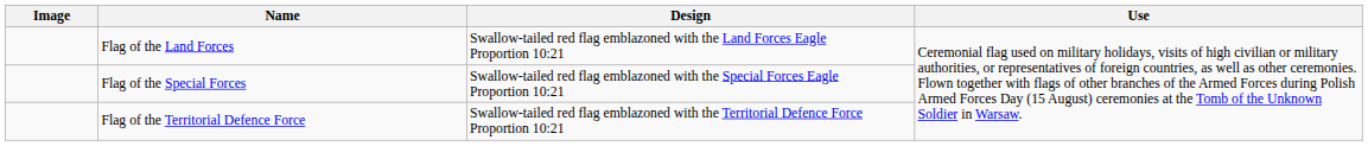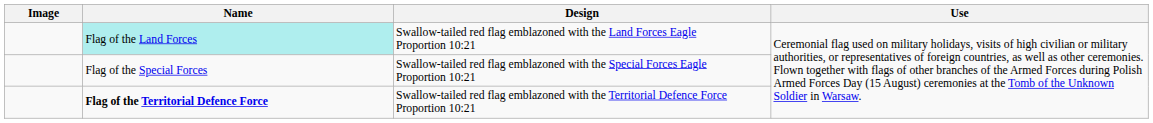 <table class="wikitable">
 <tr>
 <th width=100px>Image</th>
 <th>Name</th>
 <th width=33%>Design</th>
 <th width=33%>Use</th>
 </tr>
 <tr>
 <td></td>
-<td>Flag of the <a href='#'>Land Forces</a></td>
+<td style="background: paleturquoise;">Flag of the <a href='#'>Land Forces</a></td>
 <td>Swallow-tailed red flag emblazoned with the <a href='#'>Land Forces Eagle</a> <br> Proportion 10:21</td>
 <td rowspan=3>Ceremonial flag used on military holidays, visits of high civilian or military authorities, or representatives of foreign countries, as well as other ceremonies. Flown together with flags of other branches of the Armed Forces during Polish Armed Forces Day (15 August) ceremonies at the <a href='#'>Tomb of the Unknown Soldier</a> in <a href='#'>Warsaw</a>.</td>
 </tr>
 <tr>
 <td></td>
 <td>Flag of the <a href='#'>Special Forces</a></td>
 <td>Swallow-tailed red flag emblazoned with the <a href='#'>Special Forces Eagle</a> <br> Proportion 10:21</td>
 </tr>
 <tr>
 <td></td>
-<td>Flag of the <a href='#'>Territorial Defence Force</a></td>
+<td><strong>Flag of the <a href='#'>Territorial Defence Force</a></strong></td>
 <td>Swallow-tailed red flag emblazoned with the <a href='#'>Territorial Defence Force</a> <br> Proportion 10:21</td>
 </tr>
 </table>
